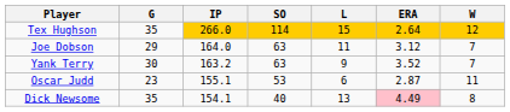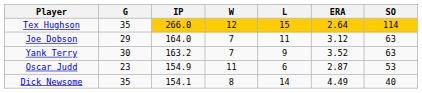 <table class="wikitable sortable">
 <tr>
 <th bgcolor="#DDDDFF" width="16%">Player</th>
 <th bgcolor="#DDDDFF" width="9%">G</th>
 <th bgcolor="#DDDDFF" width="9%">IP</th>
-<th bgcolor="#DDDDFF" width="9%">SO</th>
+<th bgcolor="#DDDDFF" width="9%">W</th>
 <th bgcolor="#DDDDFF" width="9%">L</th>
 <th bgcolor="#DDDDFF" width="9%">ERA</th>
-<th bgcolor="#DDDDFF" width="9%">W</th>
+<th bgcolor="#DDDDFF" width="9%">SO</th>
 </tr>
 <tr align="center">
 <td><a href='#'>Tex Hughson</a></td>
 <td>35</td>
 <td style="background:#fc0;">266.0</td>
-<td style="background:#fc0;">114</td>
+<td style="background:#fc0;">12</td>
 <td style="background:#fc0;">15</td>
 <td style="background:#fc0;">2.64</td>
-<td style="background:#fc0;">12</td>
+<td style="background:#fc0;">114</td>
 </tr>
 <tr align="center">
 <td><a href='#'>Joe Dobson</a></td>
 <td>29</td>
 <td>164.0</td>
-<td>63</td>
+<td>7</td>
 <td>11</td>
 <td>3.12</td>
-<td>7</td>
+<td>63</td>
 </tr>
 <tr align="center">
 <td><a href='#'>Yank Terry</a></td>
 <td>30</td>
 <td>163.2</td>
-<td>63</td>
+<td>7</td>
 <td>9</td>
 <td>3.52</td>
-<td>7</td>
+<td>63</td>
 </tr>
 <tr align="center">
 <td><a href='#'>Oscar Judd</a></td>
 <td>23</td>
-<td>155.1</td>
-<td>53</td>
+<td>154.9</td>
+<td>11</td>
 <td>6</td>
 <td>2.87</td>
-<td>11</td>
+<td>53</td>
 </tr>
 <tr align="center">
 <td><a href='#'>Dick Newsome</a></td>
 <td>35</td>
 <td>154.1</td>
+<td>8</td>
+<td>14</td>
+<td>4.49</td>
 <td>40</td>
-<td>13</td>
-<td style="background: pink;">4.49</td>
-<td>8</td>
 </tr>
 </table>
